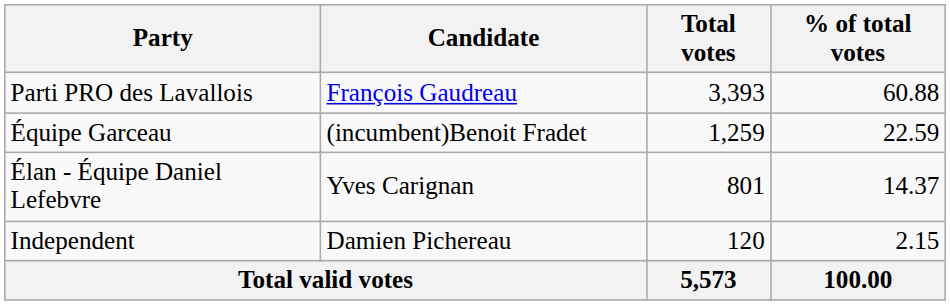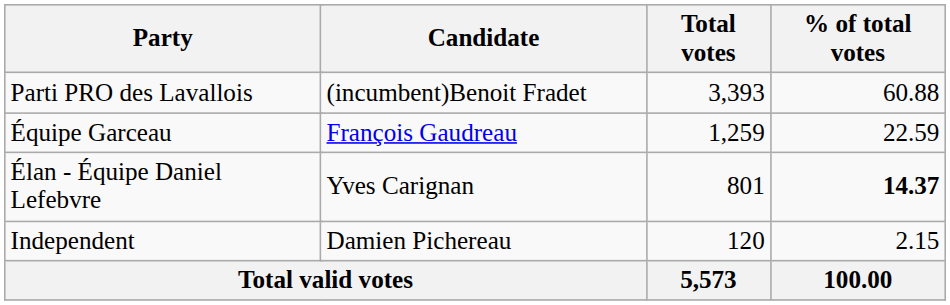 <table style="width:600px;" class="wikitable">
 <tr style="background-color:#E9E9E9">
 <th colspan="2" style="width: 200px">Party</th>
 <th colspan="1" style="width: 200px">Candidate</th>
 <th align="right">Total votes</th>
 <th align="right">% of total votes</th>
 </tr>
 <tr>
 <td colspan="2" align="left">Parti PRO des Lavallois</td>
-<td align="left"><a href='#'>François Gaudreau</a></td>
+<td align="left">(incumbent)Benoit Fradet</td>
 <td align="right">3,393</td>
 <td align="right">60.88</td>
 </tr>
 <tr>
 <td colspan="2" align="left">Équipe Garceau</td>
-<td align="left">(incumbent)Benoit Fradet</td>
+<td align="left"><a href='#'>François Gaudreau</a></td>
 <td align="right">1,259</td>
 <td align="right">22.59</td>
 </tr>
 <tr>
 <td colspan="2" align="left">Élan - Équipe Daniel Lefebvre</td>
 <td align="left">Yves Carignan</td>
 <td align="right">801</td>
-<td align="right">14.37</td>
+<td align="right"><strong>14.37</strong></td>
 </tr>
 <tr>
 <td colspan="2" align="left">Independent</td>
 <td align="left">Damien Pichereau</td>
 <td align="right">120</td>
 <td align="right">2.15</td>
 </tr>
 <tr bgcolor="#EEEEEE">
 <th colspan="3"  align="left">Total valid votes</th>
 <th align="right">5,573</th>
 <th align="right">100.00</th>
 </tr>
 </table>
